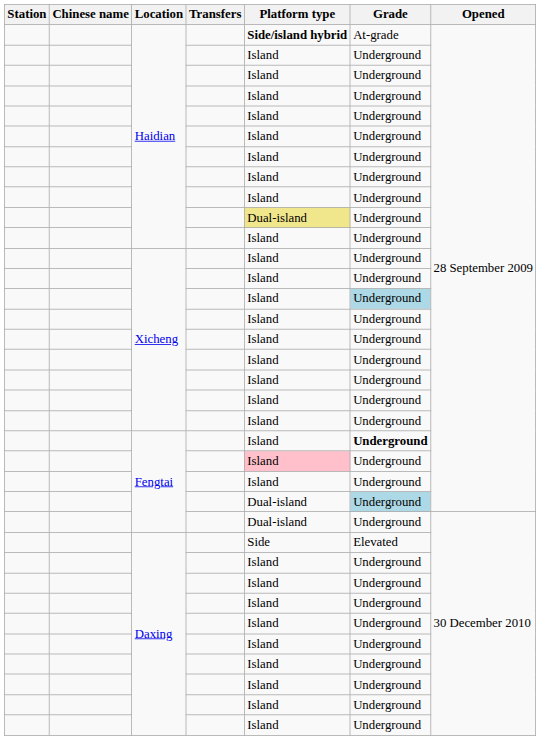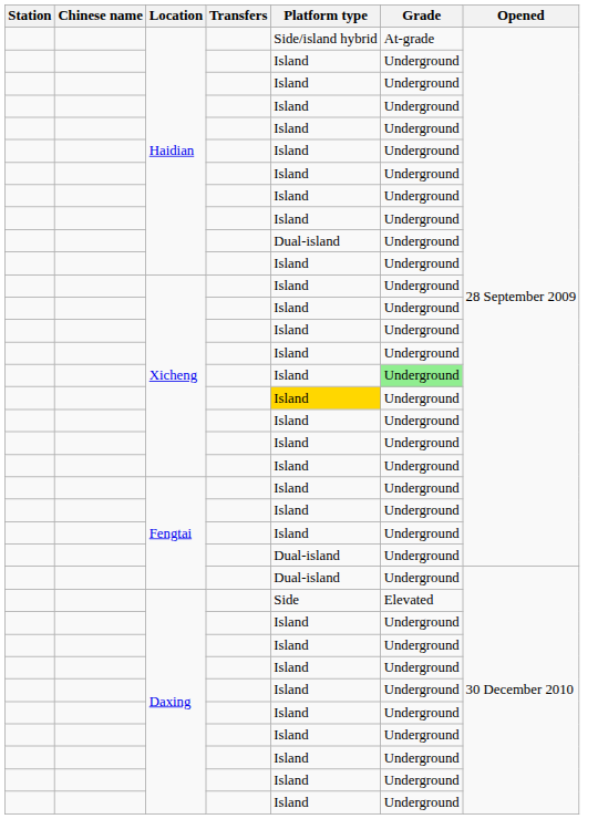 <table class=wikitable>
 <tr>
 <th>Station</th>
 <th>Chinese name</th>
 <th>Location</th>
 <th>Transfers</th>
 <th>Platform type</th>
 <th>Grade</th>
 <th>Opened</th>
 </tr>
 <tr>
 <td></td>
 <td><span></span></td>
 <td rowspan=11><a href='#'>Haidian</a></td>
 <td></td>
-<td><strong>Side/island hybrid</strong></td>
+<td>Side/island hybrid</td>
 <td>At-grade</td>
 <td rowspan=24>28 September 2009</td>
 </tr>
 <tr>
 <td></td>
 <td><span></span></td>
 <td></td>
 <td>Island</td>
 <td>Underground</td>
 </tr>
 <tr>
 <td></td>
 <td><span></span></td>
 <td></td>
 <td>Island</td>
 <td>Underground</td>
 </tr>
 <tr>
 <td></td>
 <td><span></span></td>
 <td></td>
 <td>Island</td>
 <td>Underground</td>
 </tr>
 <tr>
 <td></td>
 <td><span></span></td>
 <td></td>
 <td>Island</td>
 <td>Underground</td>
 </tr>
 <tr>
 <td></td>
 <td><span></span></td>
 <td></td>
 <td>Island</td>
 <td>Underground</td>
 </tr>
 <tr>
 <td></td>
 <td><span></span></td>
 <td></td>
 <td>Island</td>
 <td>Underground</td>
 </tr>
 <tr>
 <td></td>
 <td><span></span></td>
 <td></td>
 <td>Island</td>
 <td>Underground</td>
 </tr>
 <tr>
 <td></td>
 <td><span></span></td>
 <td></td>
 <td>Island</td>
 <td>Underground</td>
 </tr>
 <tr>
 <td></td>
 <td><span></span></td>
 <td> </td>
-<td style="background: khaki;">Dual-island</td>
+<td>Dual-island</td>
 <td>Underground</td>
 </tr>
 <tr>
 <td></td>
 <td><span></span></td>
 <td></td>
 <td>Island</td>
 <td>Underground</td>
 </tr>
 <tr>
 <td></td>
 <td><span></span></td>
 <td rowspan=9><a href='#'>Xicheng</a></td>
 <td>  <br></td>
 <td>Island</td>
 <td>Underground</td>
 </tr>
 <tr>
 <td></td>
 <td><span></span></td>
 <td></td>
 <td>Island</td>
 <td>Underground</td>
 </tr>
 <tr>
 <td></td>
 <td><span></span></td>
 <td> </td>
 <td>Island</td>
-<td style="background: lightblue;">Underground</td>
-</tr>
-<tr>
-<td></td>
-<td><span></span></td>
-<td></td>
-<td>Island</td>
 <td>Underground</td>
 </tr>
 <tr>
 <td></td>
 <td><span></span></td>
 <td></td>
 <td>Island</td>
 <td>Underground</td>
 </tr>
 <tr>
 <td></td>
 <td><span></span></td>
 <td></td>
 <td>Island</td>
+<td style="background: lightgreen;">Underground</td>
+</tr>
+<tr>
+<td></td>
+<td><span></span></td>
+<td></td>
+<td style="background: gold;">Island</td>
 <td>Underground</td>
 </tr>
 <tr>
 <td></td>
 <td><span></span></td>
 <td></td>
 <td>Island</td>
 <td>Underground</td>
 </tr>
 <tr>
 <td></td>
 <td><span></span></td>
 <td></td>
 <td>Island</td>
 <td>Underground</td>
 </tr>
 <tr>
 <td></td>
 <td><span></span></td>
 <td></td>
 <td>Island</td>
 <td>Underground</td>
 </tr>
 <tr>
 <td></td>
 <td><span></span></td>
 <td rowspan="5"><a href='#'>Fengtai</a></td>
 <td><br></td>
 <td>Island</td>
-<td><strong>Underground</strong></td>
+<td>Underground</td>
 </tr>
 <tr>
 <td></td>
 <td><span></span></td>
 <td></td>
-<td style="background: pink;">Island</td>
+<td>Island</td>
 <td>Underground</td>
 </tr>
 <tr>
 <td></td>
 <td><span></span></td>
 <td></td>
 <td>Island</td>
 <td>Underground</td>
 </tr>
 <tr>
 <td></td>
 <td><span></span></td>
 <td></td>
 <td>Dual-island</td>
-<td style="background: lightblue;">Underground</td>
+<td>Underground</td>
 </tr>
 <tr>
 <td></td>
 <td><span></span></td>
 <td></td>
 <td>Dual-island</td>
 <td>Underground</td>
 <td rowspan="11">30 December 2010</td>
 </tr>
 <tr>
 <td></td>
 <td><span></span></td>
 <td rowspan=10><a href='#'>Daxing</a></td>
 <td></td>
 <td>Side</td>
 <td>Elevated</td>
 </tr>
 <tr>
 <td></td>
 <td><span></span></td>
 <td></td>
 <td>Island</td>
 <td>Underground</td>
 </tr>
 <tr>
 <td></td>
 <td><span></span></td>
 <td></td>
 <td>Island</td>
 <td>Underground</td>
 </tr>
 <tr>
 <td></td>
 <td><span></span></td>
 <td></td>
 <td>Island</td>
 <td>Underground</td>
 </tr>
 <tr>
 <td></td>
 <td><span></span></td>
 <td></td>
 <td>Island</td>
 <td>Underground</td>
 </tr>
 <tr>
 <td></td>
 <td><span></span></td>
 <td></td>
 <td>Island</td>
 <td>Underground</td>
 </tr>
 <tr>
 <td></td>
 <td><span></span></td>
 <td><br></td>
 <td>Island</td>
 <td>Underground</td>
 </tr>
 <tr>
 <td></td>
 <td><span></span></td>
 <td></td>
 <td>Island</td>
 <td>Underground</td>
 </tr>
 <tr>
 <td></td>
 <td><span></span></td>
 <td></td>
 <td>Island</td>
 <td>Underground</td>
 </tr>
 <tr>
 <td></td>
 <td><span></span></td>
 <td></td>
 <td>Island</td>
 <td>Underground</td>
 </tr>
 </table>
